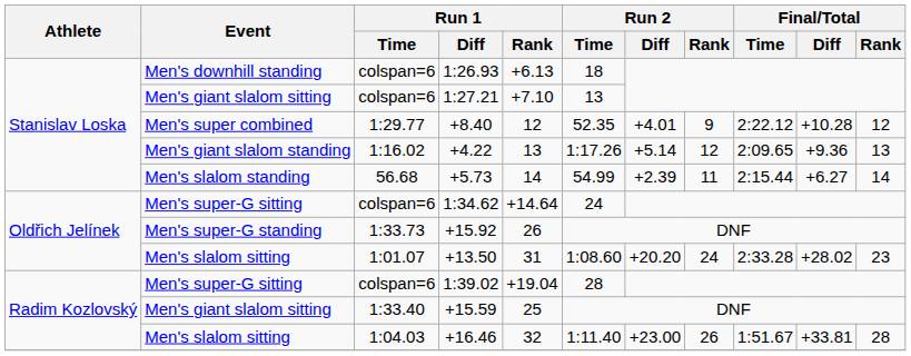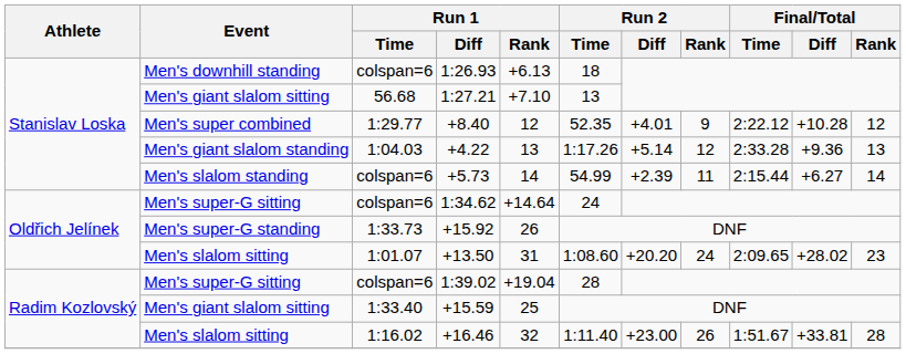 <table class="wikitable" style="font-size:100%">
 <tr>
 <th rowspan="2">Athlete</th>
 <th rowspan="2">Event</th>
 <th colspan="3">Run 1</th>
 <th colspan="3">Run 2</th>
 <th colspan="3">Final/Total</th>
 </tr>
 <tr>
 <th>Time</th>
 <th>Diff</th>
 <th>Rank</th>
 <th>Time</th>
 <th>Diff</th>
 <th>Rank</th>
 <th>Time</th>
 <th>Diff</th>
 <th>Rank</th>
 </tr>
 <tr>
 <td rowspan=5><a href='#'>Stanislav Loska</a></td>
 <td><a href='#'>Men's downhill standing</a></td>
 <td>colspan=6 </td>
 <td align="center">1:26.93</td>
 <td align="center">+6.13</td>
 <td align="center">18</td>
 </tr>
 <tr>
 <td><a href='#'>Men's giant slalom sitting</a></td>
-<td>colspan=6 </td>
+<td align="center">56.68</td>
 <td align="center">1:27.21</td>
 <td align="center">+7.10</td>
 <td align="center">13</td>
 </tr>
 <tr>
 <td><a href='#'>Men's super combined</a></td>
 <td align="center">1:29.77</td>
 <td align="center">+8.40</td>
 <td align="center">12</td>
 <td align="center">52.35</td>
 <td align="center">+4.01</td>
 <td align="center">9</td>
 <td align="center">2:22.12</td>
 <td align="center">+10.28</td>
 <td align="center">12</td>
 </tr>
 <tr>
 <td><a href='#'>Men's giant slalom standing</a></td>
-<td align="center">1:16.02</td>
+<td align="center">1:04.03</td>
 <td align="center">+4.22</td>
 <td align="center">13</td>
 <td align="center">1:17.26</td>
 <td align="center">+5.14</td>
 <td align="center">12</td>
-<td align="center">2:09.65</td>
+<td align="center">2:33.28</td>
 <td align="center">+9.36</td>
 <td align="center">13</td>
 </tr>
 <tr>
 <td><a href='#'>Men's slalom standing</a></td>
-<td align="center">56.68</td>
+<td>colspan=6 </td>
 <td align="center">+5.73</td>
 <td align="center">14</td>
 <td align="center">54.99</td>
 <td align="center">+2.39</td>
 <td align="center">11</td>
 <td align="center">2:15.44</td>
 <td align="center">+6.27</td>
 <td align="center">14</td>
 </tr>
 <tr>
 <td rowspan=3><a href='#'>Oldřich Jelínek</a></td>
 <td><a href='#'>Men's super-G sitting</a></td>
 <td>colspan=6 </td>
 <td align="center">1:34.62</td>
 <td align="center">+14.64</td>
 <td align="center">24</td>
 </tr>
 <tr>
 <td><a href='#'>Men's super-G standing</a></td>
 <td align="center">1:33.73</td>
 <td align="center">+15.92</td>
 <td align="center">26</td>
 <td align="center" colspan=6>DNF</td>
 </tr>
 <tr>
 <td><a href='#'>Men's slalom sitting</a></td>
 <td align="center">1:01.07</td>
 <td align="center">+13.50</td>
 <td align="center">31</td>
 <td align="center">1:08.60</td>
 <td align="center">+20.20</td>
 <td align="center">24</td>
-<td align="center">2:33.28</td>
+<td align="center">2:09.65</td>
 <td align="center">+28.02</td>
 <td align="center">23</td>
 </tr>
 <tr>
 <td rowspan=3><a href='#'>Radim Kozlovský</a></td>
 <td><a href='#'>Men's super-G sitting</a></td>
 <td>colspan=6 </td>
 <td align="center">1:39.02</td>
 <td align="center">+19.04</td>
 <td align="center">28</td>
 </tr>
 <tr>
 <td><a href='#'>Men's giant slalom sitting</a></td>
 <td align="center">1:33.40</td>
 <td align="center">+15.59</td>
 <td align="center">25</td>
 <td align="center" colspan=6>DNF</td>
 </tr>
 <tr>
 <td><a href='#'>Men's slalom sitting</a></td>
-<td align="center">1:04.03</td>
+<td align="center">1:16.02</td>
 <td align="center">+16.46</td>
 <td align="center">32</td>
 <td align="center">1:11.40</td>
 <td align="center">+23.00</td>
 <td align="center">26</td>
 <td align="center">1:51.67</td>
 <td align="center">+33.81</td>
 <td align="center">28</td>
 </tr>
 <tr>
 </tr>
 </table>
